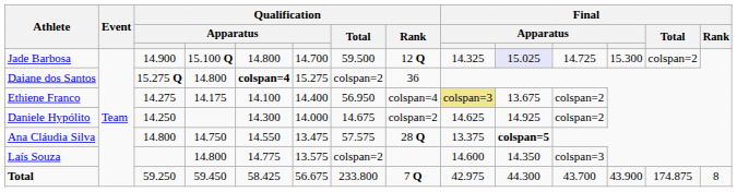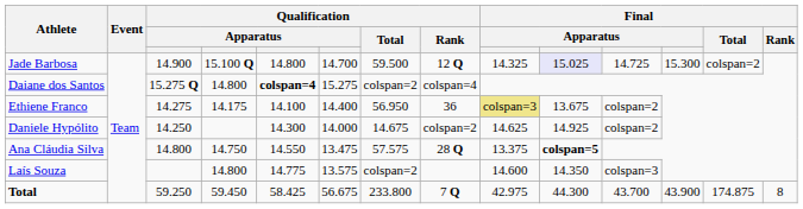 <table class="wikitable" style="font-size:90%">
 <tr>
 <th rowspan=3>Athlete</th>
 <th rowspan=3>Event</th>
 <th colspan=6>Qualification</th>
 <th colspan=6>Final</th>
 </tr>
 <tr style="font-size:95%">
 <th colspan=4>Apparatus</th>
 <th rowspan=2>Total</th>
 <th rowspan=2>Rank</th>
 <th colspan=4>Apparatus</th>
 <th rowspan=2>Total</th>
 <th rowspan=2>Rank</th>
 </tr>
 <tr style="font-size:95%">
 <th></th>
 <th></th>
 <th></th>
 <th></th>
 <th></th>
 <th></th>
 <th></th>
 <th></th>
 </tr>
 <tr align=center>
 <td align=left><a href='#'>Jade Barbosa</a></td>
 <td rowspan=7 align=left><a href='#'>Team</a></td>
 <td>14.900</td>
 <td>15.100 <strong>Q</strong></td>
 <td>14.800</td>
 <td>14.700</td>
 <td>59.500</td>
 <td>12 <strong>Q</strong></td>
 <td>14.325</td>
 <td style="background: lavender;">15.025</td>
 <td>14.725</td>
 <td>15.300</td>
 <td>colspan=2 </td>
 </tr>
 <tr align=center>
 <td align=left><a href='#'>Daiane dos Santos</a></td>
 <td>15.275 <strong>Q</strong></td>
 <td>14.800</td>
 <td><strong>colspan=4 </strong></td>
 <td>15.275</td>
 <td>colspan=2 </td>
-<td>36</td>
+<td>colspan=4 </td>
 </tr>
 <tr align=center>
 <td align=left><a href='#'>Ethiene Franco</a></td>
 <td>14.275</td>
 <td>14.175</td>
 <td>14.100</td>
 <td>14.400</td>
 <td>56.950</td>
-<td>colspan=4 </td>
+<td>36</td>
 <td style="background: khaki;">colspan=3 </td>
 <td>13.675</td>
 <td>colspan=2 </td>
 </tr>
 <tr align=center>
 <td align=left><a href='#'>Daniele Hypólito</a></td>
 <td>14.250</td>
 <td></td>
 <td>14.300</td>
 <td>14.000</td>
 <td>14.675</td>
 <td>colspan=2 </td>
 <td>14.625</td>
 <td>14.925</td>
 <td>colspan=2 </td>
 </tr>
 <tr align=center>
 <td align=left><a href='#'>Ana Cláudia Silva</a></td>
 <td>14.800</td>
 <td>14.750</td>
 <td>14.550</td>
 <td>13.475</td>
 <td>57.575</td>
 <td>28 <strong>Q</strong></td>
 <td>13.375</td>
 <td><strong>colspan=5 </strong></td>
 </tr>
 <tr align=center>
 <td align=left><a href='#'>Laís Souza</a></td>
 <td></td>
 <td>14.800</td>
 <td>14.775</td>
 <td>13.575</td>
 <td>colspan=2 </td>
 <td></td>
 <td>14.600</td>
 <td>14.350</td>
 <td>colspan=3 </td>
 </tr>
 <tr align=center>
 <td align=left><strong>Total</strong></td>
 <td>59.250</td>
 <td>59.450</td>
 <td>58.425</td>
 <td>56.675</td>
 <td>233.800</td>
 <td>7 <strong>Q</strong></td>
 <td>42.975</td>
 <td>44.300</td>
 <td>43.700</td>
 <td>43.900</td>
 <td>174.875</td>
 <td>8</td>
 </tr>
 </table>
